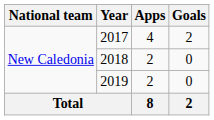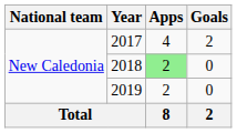 <table class="wikitable" style="text-align:center">
 <tr>
 <th>National team</th>
 <th>Year</th>
 <th>Apps</th>
 <th>Goals</th>
 </tr>
 <tr>
 <td rowspan="3"><a href='#'>New Caledonia</a></td>
 <td>2017</td>
 <td>4</td>
 <td>2</td>
 </tr>
 <tr>
 <td>2018</td>
-<td>2</td>
+<td style="background: lightgreen;">2</td>
 <td>0</td>
 </tr>
 <tr>
 <td>2019</td>
 <td>2</td>
 <td>0</td>
 </tr>
 <tr>
 <th colspan="2">Total</th>
 <th>8</th>
 <th>2</th>
 </tr>
 </table>
